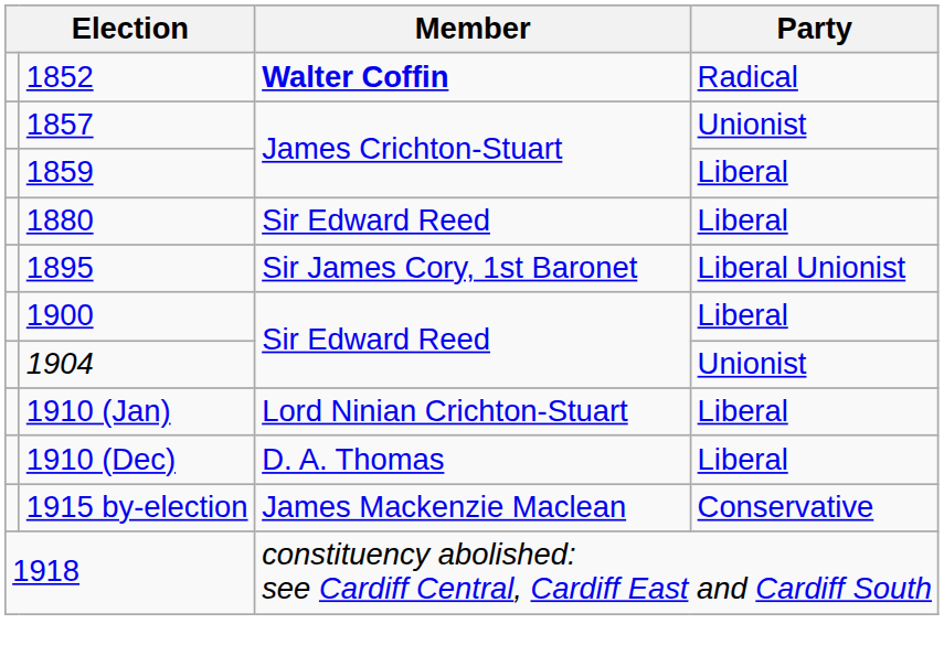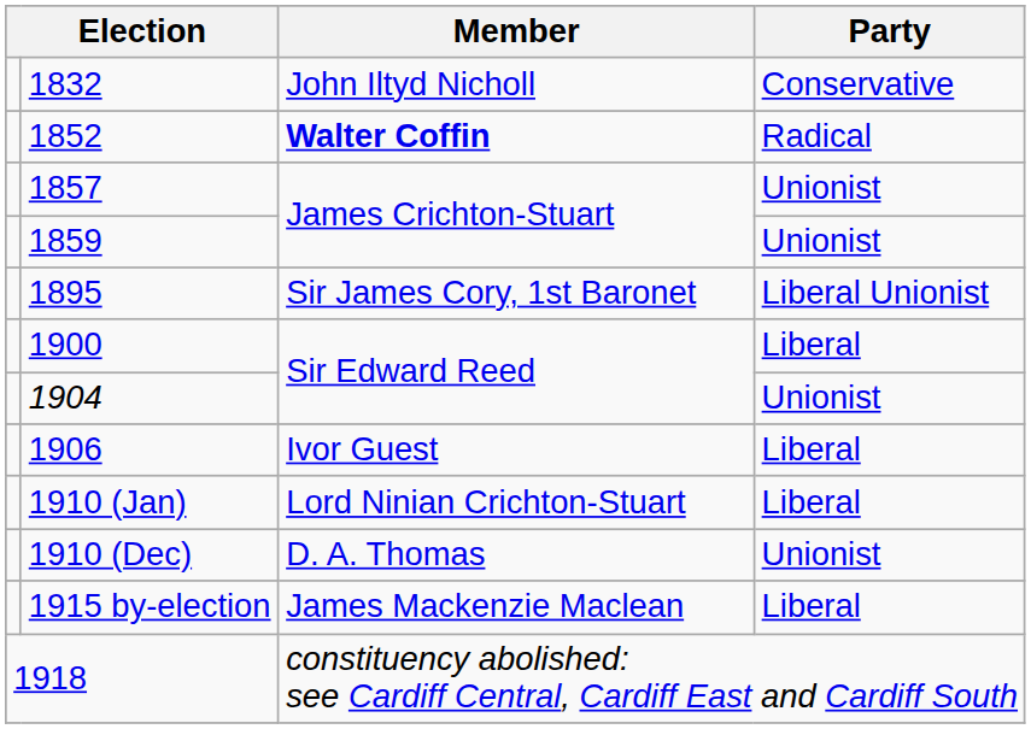 <table class="wikitable">
 <tr>
 <th colspan="2">Election</th>
 <th>Member</th>
 <th>Party</th>
+</tr>
+<tr>
+<td style="color:inherit;background-color: "></td>
+<td><a href='#'>1832</a></td>
+<td><a href='#'>John Iltyd Nicholl</a></td>
+<td><a href='#'>Conservative</a></td>
 </tr>
 <tr>
 <td style="color:inherit;background-color: "></td>
 <td><a href='#'>1852</a></td>
 <td><strong><a href='#'>Walter Coffin</a></strong></td>
 <td><a href='#'>Radical</a></td>
 </tr>
 <tr>
 <td style="color:inherit;background-color: "></td>
 <td><a href='#'>1857</a></td>
 <td rowspan="2"><a href='#'>James Crichton-Stuart</a></td>
 <td><a href='#'>Unionist</a></td>
 </tr>
 <tr>
 <td style="color:inherit;background-color: "></td>
 <td><a href='#'>1859</a></td>
-<td><a href='#'>Liberal</a></td>
-</tr>
-<tr>
-<td style="color:inherit;background-color: "></td>
-<td><a href='#'>1880</a></td>
-<td><a href='#'>Sir Edward Reed</a></td>
-<td><a href='#'>Liberal</a></td>
+<td><a href='#'>Unionist</a></td>
 </tr>
 <tr>
 <td style="color:inherit;background-color: "></td>
 <td><a href='#'>1895</a></td>
 <td><a href='#'>Sir James Cory, 1st Baronet</a></td>
 <td><a href='#'>Liberal Unionist</a></td>
 </tr>
 <tr>
 <td style="color:inherit;background-color: "></td>
 <td><a href='#'>1900</a></td>
 <td rowspan="2"><a href='#'>Sir Edward Reed</a></td>
 <td><a href='#'>Liberal</a></td>
 </tr>
 <tr>
 <td style="color:inherit;background-color: "></td>
 <td><em>1904</em></td>
 <td><a href='#'>Unionist</a></td>
 </tr>
 <tr>
 <td style="color:inherit;background-color: "></td>
+<td><a href='#'>1906</a></td>
+<td><a href='#'>Ivor Guest</a></td>
+<td><a href='#'>Liberal</a></td>
+</tr>
+<tr>
+<td style="color:inherit;background-color: "></td>
 <td><a href='#'>1910 (Jan)</a></td>
 <td><a href='#'>Lord Ninian Crichton-Stuart</a></td>
 <td><a href='#'>Liberal</a></td>
 </tr>
 <tr>
 <td style="color:inherit;background-color: "></td>
 <td><a href='#'>1910 (Dec)</a></td>
 <td><a href='#'>D. A. Thomas</a></td>
-<td><a href='#'>Liberal</a></td>
+<td><a href='#'>Unionist</a></td>
 </tr>
 <tr>
 <td style="color:inherit;background-color: "></td>
 <td><a href='#'>1915 by-election</a></td>
 <td><a href='#'>James Mackenzie Maclean</a></td>
-<td><a href='#'>Conservative</a></td>
+<td><a href='#'>Liberal</a></td>
 </tr>
 <tr>
 <td colspan="2"><a href='#'>1918</a></td>
 <td colspan="2"><em>constituency abolished: <br>see <a href='#'>Cardiff Central</a>, <a href='#'>Cardiff East</a> and <a href='#'>Cardiff South</a></em></td>
 </tr>
 </table>
